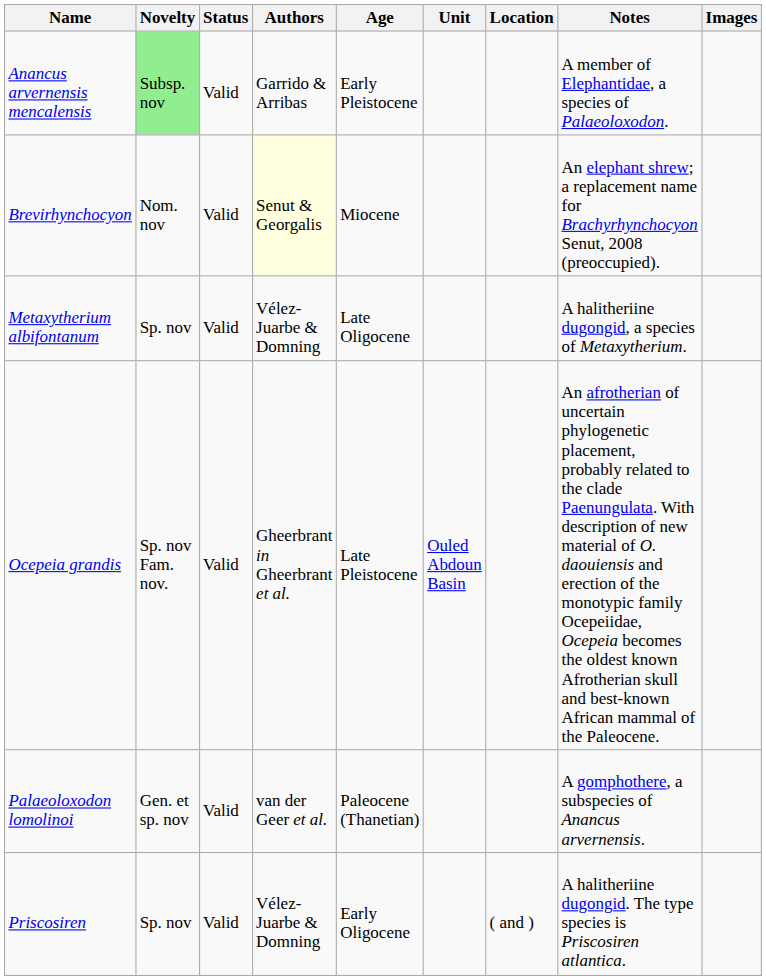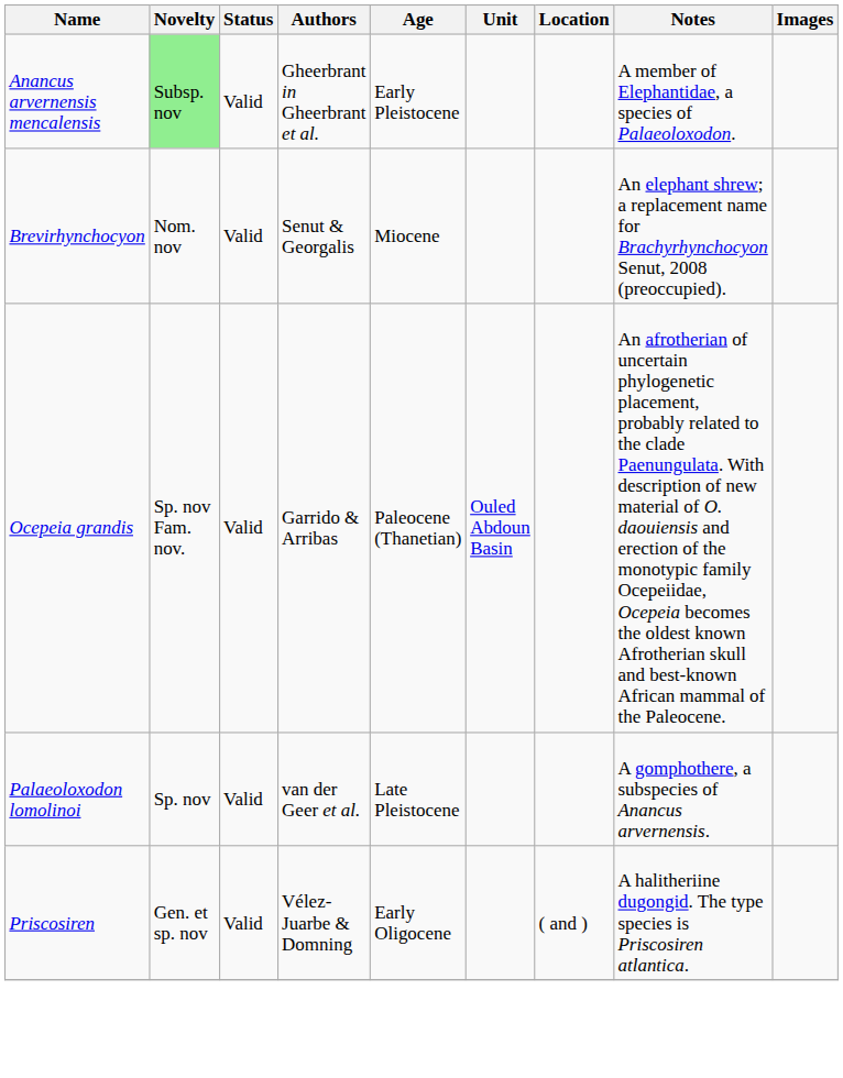 <table class="wikitable sortable" align="center" width="100%">
 <tr>
 <th>Name</th>
 <th>Novelty</th>
 <th>Status</th>
 <th>Authors</th>
 <th>Age</th>
 <th>Unit</th>
 <th>Location</th>
 <th>Notes</th>
 <th>Images</th>
 </tr>
 <tr>
 <td><br><em><a href='#'>Anancus arvernensis mencalensis</a></em></td>
 <td style="background: lightgreen;"><br>Subsp. nov</td>
 <td><br>Valid</td>
-<td><br>Garrido & Arribas</td>
+<td><br>Gheerbrant <em>in</em> Gheerbrant <em>et al.</em></td>
 <td><br>Early Pleistocene</td>
 <td></td>
 <td><br></td>
 <td><br>A member of <a href='#'>Elephantidae</a>, a species of <em><a href='#'>Palaeoloxodon</a></em>.</td>
 <td></td>
 </tr>
 <tr>
 <td><br><em><a href='#'>Brevirhynchocyon</a></em></td>
 <td><br>Nom. nov</td>
 <td><br>Valid</td>
-<td style="background: lightyellow;"><br>Senut & Georgalis</td>
+<td><br>Senut & Georgalis</td>
 <td><br>Miocene</td>
 <td></td>
 <td><br></td>
 <td><br>An <a href='#'>elephant shrew</a>; a replacement name for <em><a href='#'>Brachyrhynchocyon</a></em> Senut, 2008 (preoccupied).</td>
 <td></td>
 </tr>
 <tr>
-<td><br><em><a href='#'>Metaxytherium albifontanum</a></em></td>
-<td><br>Sp. nov</td>
-<td><br>Valid</td>
-<td><br>Vélez-Juarbe & Domning</td>
-<td><br>Late Oligocene</td>
-<td></td>
-<td><br></td>
-<td><br>A halitheriine <a href='#'>dugongid</a>, a species of <em>Metaxytherium</em>.</td>
-<td></td>
-</tr>
-<tr>
 <td><br><em><a href='#'>Ocepeia grandis</a></em></td>
 <td><br>Sp. nov<br> Fam. nov.</td>
 <td><br>Valid</td>
-<td><br>Gheerbrant <em>in</em> Gheerbrant <em>et al.</em></td>
-<td><br>Late Pleistocene</td>
+<td><br>Garrido & Arribas</td>
+<td><br>Paleocene (Thanetian)</td>
 <td><br><a href='#'>Ouled Abdoun Basin</a></td>
 <td><br></td>
 <td><br>An <a href='#'>afrotherian</a> of uncertain phylogenetic placement, probably related to the clade <a href='#'>Paenungulata</a>. With description of new material of <em>O. daouiensis</em> and erection of the monotypic family Ocepeiidae, <em>Ocepeia</em> becomes the oldest known Afrotherian skull and best-known African mammal of the Paleocene.</td>
 <td><br></td>
 </tr>
 <tr>
 <td><br><em><a href='#'>Palaeoloxodon lomolinoi</a></em></td>
-<td><br>Gen. et sp. nov</td>
+<td><br>Sp. nov</td>
 <td><br>Valid</td>
 <td><br>van der Geer <em>et al.</em></td>
-<td><br>Paleocene (Thanetian)</td>
+<td><br>Late Pleistocene</td>
 <td></td>
 <td><br></td>
 <td><br>A <a href='#'>gomphothere</a>, a subspecies of <em>Anancus arvernensis</em>.</td>
 <td></td>
 </tr>
 <tr>
 <td><br><em><a href='#'>Priscosiren</a></em></td>
-<td><br>Sp. nov</td>
+<td><br>Gen. et sp. nov</td>
 <td><br>Valid</td>
 <td><br>Vélez-Juarbe & Domning</td>
 <td><br>Early Oligocene</td>
 <td></td>
 <td><br> ( and )</td>
 <td><br>A halitheriine <a href='#'>dugongid</a>. The type species is <em>Priscosiren atlantica</em>.</td>
 <td></td>
 </tr>
 <tr>
 </tr>
 </table>
